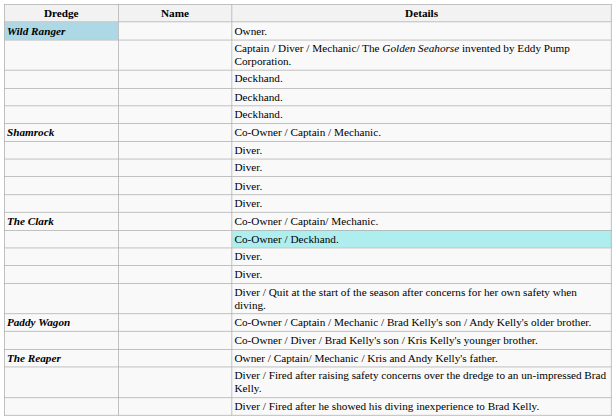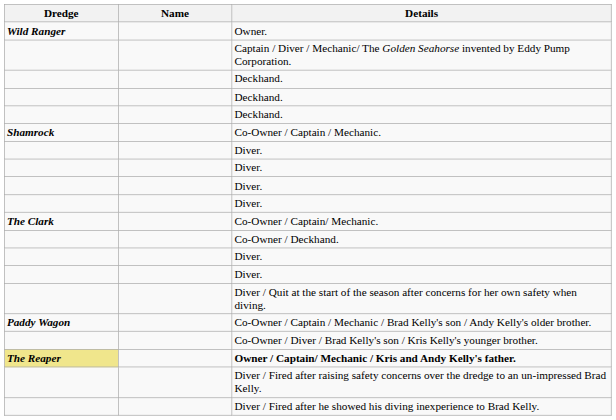 <table class=wikitable>
 <tr>
 <th style="width:15%;">Dredge</th>
 <th style="width:15%;">Name</th>
 <th colspan="12" style="width:50%;">Details</th>
 </tr>
 <tr>
-<td style="background: lightblue;"><strong><em>Wild Ranger</em></strong></td>
+<td><strong><em>Wild Ranger</em></strong></td>
 <td></td>
 <td>Owner.</td>
 </tr>
 <tr>
 <td></td>
 <td></td>
 <td>Captain / Diver / Mechanic/ The <em>Golden Seahorse</em> invented by Eddy Pump Corporation.</td>
 </tr>
 <tr>
 <td></td>
 <td></td>
 <td>Deckhand.</td>
 </tr>
 <tr>
 <td></td>
 <td></td>
 <td>Deckhand.</td>
 </tr>
 <tr>
 <td></td>
 <td></td>
 <td>Deckhand.</td>
 </tr>
 <tr>
 <td><strong><em>Shamrock</em></strong></td>
 <td></td>
 <td>Co-Owner / Captain / Mechanic.</td>
 </tr>
 <tr>
 <td></td>
 <td></td>
 <td>Diver.</td>
 </tr>
 <tr>
 <td></td>
 <td></td>
 <td>Diver.</td>
 </tr>
 <tr>
 <td></td>
 <td></td>
 <td>Diver.</td>
 </tr>
 <tr>
 <td></td>
 <td></td>
 <td>Diver.</td>
 </tr>
 <tr>
 <td><strong><em>The Clark</em></strong></td>
 <td></td>
 <td>Co-Owner / Captain/ Mechanic.</td>
 </tr>
 <tr>
 <td></td>
 <td></td>
-<td style="background: paleturquoise;">Co-Owner / Deckhand.</td>
+<td>Co-Owner / Deckhand.</td>
 </tr>
 <tr>
 <td></td>
 <td></td>
 <td>Diver.</td>
 </tr>
 <tr>
 <td></td>
 <td></td>
 <td>Diver.</td>
 </tr>
 <tr>
 <td></td>
 <td></td>
 <td>Diver / Quit at the start of the season after concerns for her own safety when diving.</td>
 </tr>
 <tr>
 <td><strong><em>Paddy Wagon</em></strong></td>
 <td></td>
 <td>Co-Owner / Captain / Mechanic / Brad Kelly's son / Andy Kelly's older brother.</td>
 </tr>
 <tr>
 <td></td>
 <td></td>
 <td>Co-Owner / Diver / Brad Kelly's son / Kris Kelly's younger brother.</td>
 </tr>
 <tr>
-<td><strong><em>The Reaper</em></strong></td>
+<td style="background: khaki;"><strong><em>The Reaper</em></strong></td>
 <td></td>
-<td>Owner / Captain/ Mechanic / Kris and Andy Kelly's father.</td>
+<td><strong>Owner / Captain/ Mechanic / Kris and Andy Kelly's father.</strong></td>
 </tr>
 <tr>
 <td></td>
 <td></td>
 <td>Diver / Fired after raising safety concerns over the dredge to an un-impressed Brad Kelly.</td>
 </tr>
 <tr>
 <td></td>
 <td></td>
 <td>Diver / Fired after he showed his diving inexperience to Brad Kelly.</td>
 </tr>
 </table>
